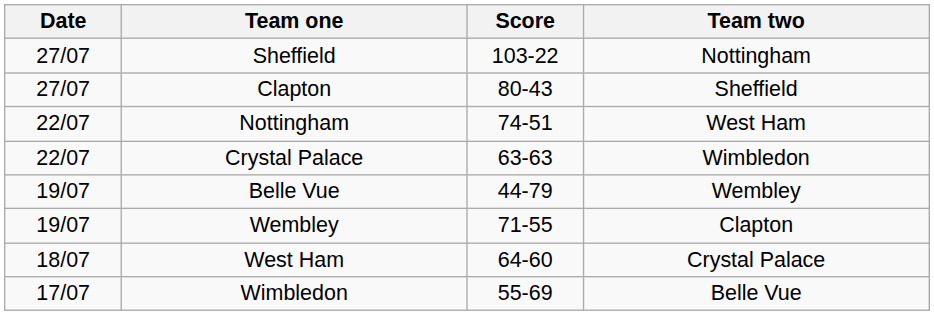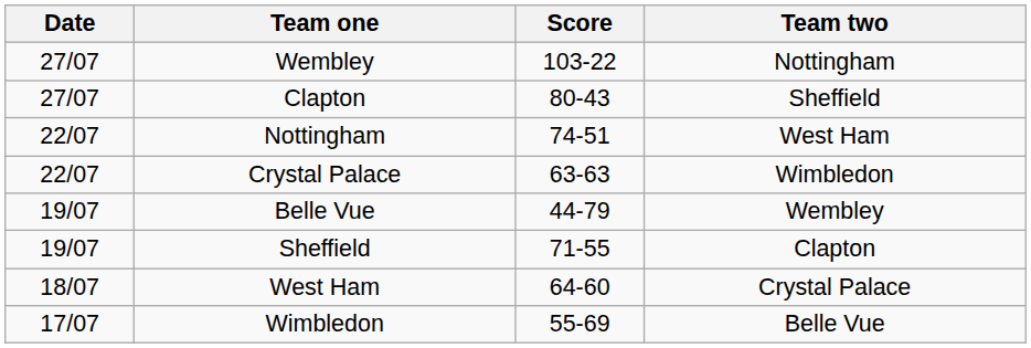 <table class="wikitable" style="text-align: center">
 <tr>
 <th width=80>Date</th>
 <th width=250>Team one</th>
 <th width=80>Score</th>
 <th width=250>Team two</th>
 </tr>
 <tr>
 <td>27/07</td>
-<td>Sheffield</td>
+<td>Wembley</td>
 <td>103-22</td>
 <td>Nottingham</td>
 </tr>
 <tr>
 <td>27/07</td>
 <td>Clapton</td>
 <td>80-43</td>
 <td>Sheffield</td>
 </tr>
 <tr>
 <td>22/07</td>
 <td>Nottingham</td>
 <td>74-51</td>
 <td>West Ham</td>
 </tr>
 <tr>
 <td>22/07</td>
 <td>Crystal Palace</td>
 <td>63-63</td>
 <td>Wimbledon</td>
 </tr>
 <tr>
 <td>19/07</td>
 <td>Belle Vue</td>
 <td>44-79</td>
 <td>Wembley</td>
 </tr>
 <tr>
 <td>19/07</td>
-<td>Wembley</td>
+<td>Sheffield</td>
 <td>71-55</td>
 <td>Clapton</td>
 </tr>
 <tr>
 <td>18/07</td>
 <td>West Ham</td>
 <td>64-60</td>
 <td>Crystal Palace</td>
 </tr>
 <tr>
 <td>17/07</td>
 <td>Wimbledon</td>
 <td>55-69</td>
 <td>Belle Vue</td>
 </tr>
 </table>
